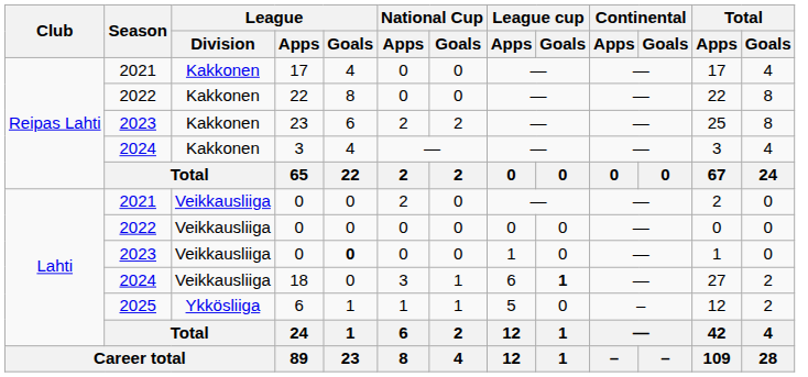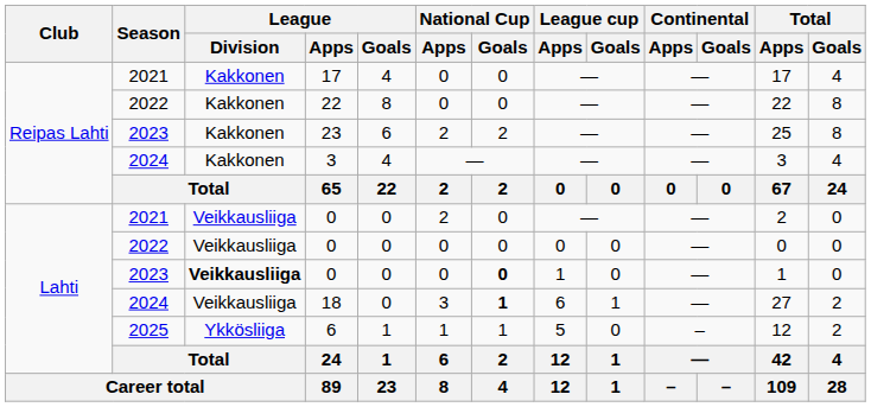 <table class=wikitable style=text-align:center>
 <tr>
 <th rowspan=2>Club</th>
 <th rowspan=2>Season</th>
 <th colspan=3>League</th>
 <th colspan=2>National Cup</th>
 <th colspan=2>League cup</th>
 <th colspan=2>Continental</th>
 <th colspan=2>Total</th>
 </tr>
 <tr>
 <th>Division</th>
 <th>Apps</th>
 <th>Goals</th>
 <th>Apps</th>
 <th>Goals</th>
 <th>Apps</th>
 <th>Goals</th>
 <th>Apps</th>
 <th>Goals</th>
 <th>Apps</th>
 <th>Goals</th>
 </tr>
 <tr>
 <td rowspan="5"><a href='#'>Reipas Lahti</a></td>
 <td>2021</td>
 <td><a href='#'>Kakkonen</a></td>
 <td>17</td>
 <td>4</td>
 <td>0</td>
 <td>0</td>
 <td colspan="2">—</td>
 <td colspan="2">—</td>
 <td>17</td>
 <td>4</td>
 </tr>
 <tr>
 <td>2022</td>
 <td>Kakkonen</td>
 <td>22</td>
 <td>8</td>
 <td>0</td>
 <td>0</td>
 <td colspan="2">—</td>
 <td colspan="2">—</td>
 <td>22</td>
 <td>8</td>
 </tr>
 <tr>
 <td><a href='#'>2023</a></td>
 <td>Kakkonen</td>
 <td>23</td>
 <td>6</td>
 <td>2</td>
 <td>2</td>
 <td colspan="2">—</td>
 <td colspan="2">—</td>
 <td>25</td>
 <td>8</td>
 </tr>
 <tr>
 <td><a href='#'>2024</a></td>
 <td>Kakkonen</td>
 <td>3</td>
 <td>4</td>
 <td colspan="2">—</td>
 <td colspan="2">—</td>
 <td colspan="2">—</td>
 <td>3</td>
 <td>4</td>
 </tr>
 <tr>
 <th colspan=2>Total</th>
 <th>65</th>
 <th>22</th>
 <th>2</th>
 <th>2</th>
 <th>0</th>
 <th>0</th>
 <th>0</th>
 <th>0</th>
 <th>67</th>
 <th>24</th>
 </tr>
 <tr>
 <td rowspan="6"><a href='#'>Lahti</a></td>
 <td><a href='#'>2021</a></td>
 <td><a href='#'>Veikkausliiga</a></td>
 <td>0</td>
 <td>0</td>
 <td>2</td>
 <td>0</td>
 <td colspan="2">—</td>
 <td colspan="2">—</td>
 <td>2</td>
 <td>0</td>
 </tr>
 <tr>
 <td><a href='#'>2022</a></td>
 <td>Veikkausliiga</td>
 <td>0</td>
 <td>0</td>
 <td>0</td>
 <td>0</td>
 <td>0</td>
 <td>0</td>
 <td colspan="2">—</td>
 <td>0</td>
 <td>0</td>
 </tr>
 <tr>
 <td><a href='#'>2023</a></td>
-<td>Veikkausliiga</td>
+<td><strong>Veikkausliiga</strong></td>
+<td>0</td>
+<td>0</td>
 <td>0</td>
 <td><strong>0</strong></td>
-<td>0</td>
-<td>0</td>
 <td>1</td>
 <td>0</td>
 <td colspan="2">—</td>
 <td>1</td>
 <td>0</td>
 </tr>
 <tr>
 <td><a href='#'>2024</a></td>
 <td>Veikkausliiga</td>
 <td>18</td>
 <td>0</td>
 <td>3</td>
+<td><strong>1</strong></td>
+<td>6</td>
 <td>1</td>
-<td>6</td>
-<td><strong>1</strong></td>
 <td colspan="2">—</td>
 <td>27</td>
 <td>2</td>
 </tr>
 <tr>
 <td><a href='#'>2025</a></td>
 <td><a href='#'>Ykkösliiga</a></td>
 <td>6</td>
 <td>1</td>
 <td>1</td>
 <td>1</td>
 <td>5</td>
 <td>0</td>
 <td colspan=2>–</td>
 <td>12</td>
 <td>2</td>
 </tr>
 <tr>
 <th colspan=2>Total</th>
 <th>24</th>
 <th>1</th>
 <th>6</th>
 <th>2</th>
 <th>12</th>
 <th>1</th>
 <th colspan="2">—</th>
 <th>42</th>
 <th>4</th>
 </tr>
 <tr>
 <th colspan=3>Career total</th>
 <th>89</th>
 <th>23</th>
 <th>8</th>
 <th>4</th>
 <th>12</th>
 <th>1</th>
 <th>–</th>
 <th>–</th>
 <th>109</th>
 <th>28</th>
 </tr>
 </table>
